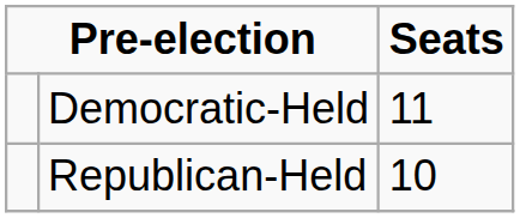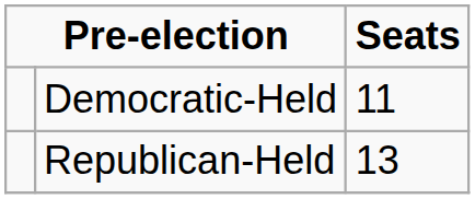 <table class= "wikitable">
 <tr>
 <td colspan= "2" rowspan= "1" align= "center" valign= "top"><strong>Pre-election</strong></td>
 <td valign= "top"><strong>Seats</strong><br></td>
 </tr>
 <tr>
 <td style="background-color:"> </td>
 <td>Democratic-Held</td>
 <td>11</td>
 </tr>
 <tr>
 <td style="background-color:"> </td>
 <td>Republican-Held</td>
-<td>10</td>
+<td>13</td>
 </tr>
 <tr>
 </tr>
 </table>
